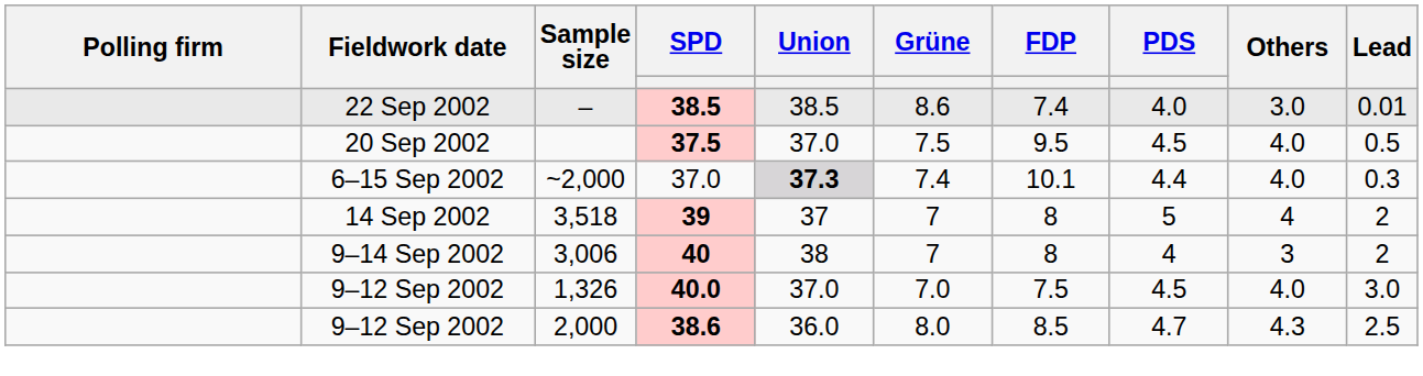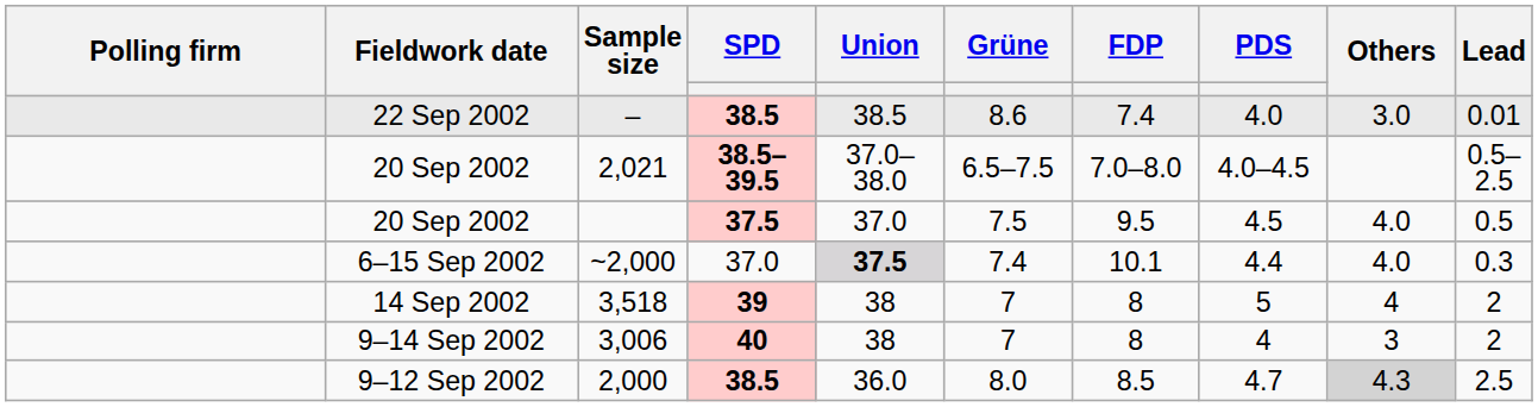 <table class="wikitable sortable" style="text-align:center;font-size:90%;line-height:14px;">
 <tr style="height:40px;">
 <th style="width:160px;" rowspan="2">Polling firm</th>
 <th style="width:125px;" rowspan="2">Fieldwork date</th>
 <th style="width:35px;" rowspan="2">Sample<br>size</th>
 <th class="unsortable" style="width:60px;"><a href='#'>SPD</a></th>
 <th class="unsortable" style="width:60px;"><a href='#'>Union</a></th>
 <th class="unsortable" style="width:60px;"><a href='#'>Grüne</a></th>
 <th class="unsortable" style="width:60px;"><a href='#'>FDP</a></th>
 <th class="unsortable" style="width:60px;"><a href='#'>PDS</a></th>
 <th class="unsortable" style="width:60px;" rowspan="2">Others</th>
 <th style="width:30px;" rowspan="2">Lead</th>
 </tr>
 <tr>
 <th style="background:"></th>
 <th style="background:"></th>
 <th style="background:"></th>
 <th style="background:"></th>
 <th style="background:"></th>
 </tr>
 <tr style="background:#E9E9E9;">
 <td></td>
 <td data-sort-value="2005-09-18">22 Sep 2002</td>
 <td>–</td>
 <td style="background:#FFCCCC;"><strong>38.5</strong></td>
 <td>38.5</td>
 <td>8.6</td>
 <td>7.4</td>
 <td>4.0</td>
 <td>3.0</td>
 <td style="background:">0.01</td>
 </tr>
 <tr>
 <td></td>
 <td data-sort-value="2002-09-20">20 Sep 2002</td>
+<td>2,021</td>
+<td style="background:#FFCCCC;"><strong>38.5–39.5</strong></td>
+<td>37.0–38.0</td>
+<td>6.5–7.5</td>
+<td>7.0–8.0</td>
+<td>4.0–4.5</td>
+<td></td>
+<td style="background:">0.5–2.5</td>
+</tr>
+<tr>
+<td></td>
+<td data-sort-value="2002-09-20">20 Sep 2002</td>
 <td></td>
 <td style="background:#FFCCCC;"><strong>37.5</strong></td>
 <td>37.0</td>
 <td>7.5</td>
 <td>9.5</td>
 <td>4.5</td>
 <td>4.0</td>
 <td style="background:">0.5</td>
 </tr>
 <tr>
 <td></td>
 <td data-sort-value="2002-09-27">6–15 Sep 2002</td>
 <td>~2,000</td>
 <td>37.0</td>
-<td style="background:#D7D5D7"><strong>37.3</strong></td>
+<td style="background:#D7D5D7"><strong>37.5</strong></td>
 <td>7.4</td>
 <td>10.1</td>
 <td>4.4</td>
 <td>4.0</td>
 <td style="background:">0.3</td>
 </tr>
 <tr>
 <td></td>
 <td data-sort-value="2002-09-14">14 Sep 2002</td>
 <td>3,518</td>
 <td style="background:#FFCCCC;"><strong>39</strong></td>
-<td>37</td>
+<td>38</td>
 <td>7</td>
 <td>8</td>
 <td>5</td>
 <td>4</td>
 <td style="background:">2</td>
 </tr>
 <tr>
 <td></td>
 <td data-sort-value="2002-09-18">9–14 Sep 2002</td>
 <td>3,006</td>
 <td style="background:#FFCCCC;"><strong>40</strong></td>
 <td>38</td>
 <td>7</td>
 <td>8</td>
 <td>4</td>
 <td>3</td>
 <td style="background:">2</td>
 </tr>
 <tr>
 <td></td>
 <td data-sort-value="2002-09-13">9–12 Sep 2002</td>
-<td>1,326</td>
-<td style="background:#FFCCCC;"><strong>40.0</strong></td>
-<td>37.0</td>
-<td>7.0</td>
-<td>7.5</td>
-<td>4.5</td>
-<td>4.0</td>
-<td style="background:">3.0</td>
-</tr>
-<tr>
-<td></td>
-<td data-sort-value="2002-09-13">9–12 Sep 2002</td>
 <td>2,000</td>
-<td style="background:#FFCCCC;"><strong>38.6</strong></td>
+<td style="background:#FFCCCC;"><strong>38.5</strong></td>
 <td>36.0</td>
 <td>8.0</td>
 <td>8.5</td>
 <td>4.7</td>
-<td>4.3</td>
+<td style="background: lightgrey;">4.3</td>
 <td style="background:">2.5</td>
 </tr>
 </table>
